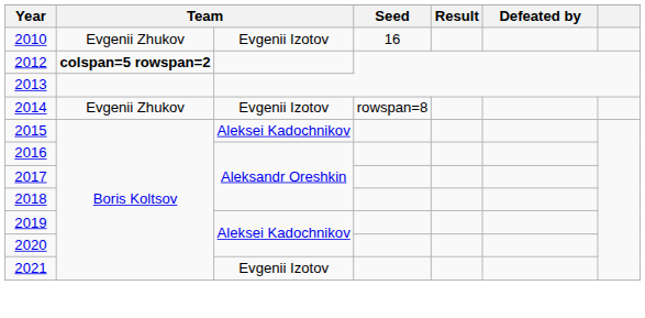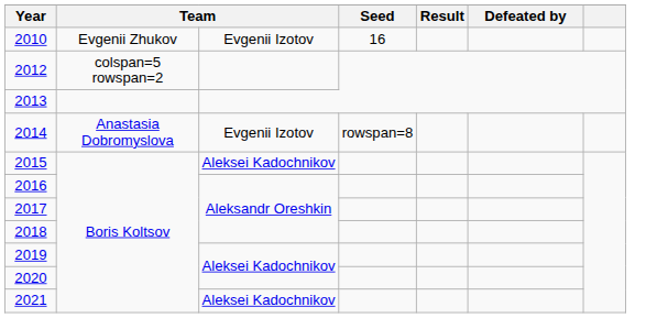 <table class="wikitable" style="text-align: center;">
 <tr style= "background: #e2e2e2;">
 </tr>
 <tr style="background: #efefef;">
 <th width=50px>Year</th>
 <th colspan="2">Team</th>
 <th width=50px>Seed</th>
 <th width=50px>Result</th>
 <th width=120px>Defeated by</th>
 <th width=40px></th>
 </tr>
 <tr>
 <td><a href='#'>2010</a></td>
 <td>Evgenii Zhukov</td>
 <td>Evgenii Izotov</td>
 <td>16</td>
 <td></td>
 <td> </td>
 <td></td>
 </tr>
 <tr>
 <td><a href='#'>2012</a></td>
-<td><strong>colspan=5 rowspan=2</strong></td>
+<td>colspan=5 rowspan=2</td>
 <td></td>
 </tr>
 <tr>
 <td><a href='#'>2013</a></td>
 <td></td>
 </tr>
 <tr>
 <td><a href='#'>2014</a></td>
-<td>Evgenii Zhukov</td>
+<td width=150px><a href='#'>Anastasia Dobromyslova</a></td>
 <td>Evgenii Izotov</td>
 <td>rowspan=8 </td>
 <td></td>
 <td> </td>
 <td></td>
 </tr>
 <tr>
 <td><a href='#'>2015</a></td>
 <td rowspan=7><a href='#'>Boris Koltsov</a></td>
 <td><a href='#'>Aleksei Kadochnikov</a></td>
 <td></td>
 <td> </td>
 <td></td>
 </tr>
 <tr>
 <td><a href='#'>2016</a></td>
 <td rowspan=3><a href='#'>Aleksandr Oreshkin</a></td>
 <td></td>
 <td> </td>
 <td></td>
 </tr>
 <tr>
 <td><a href='#'>2017</a></td>
 <td></td>
 <td> </td>
 <td></td>
 </tr>
 <tr>
 <td><a href='#'>2018</a></td>
 <td></td>
 <td> </td>
 <td></td>
 </tr>
 <tr>
 <td><a href='#'>2019</a></td>
 <td rowspan=2><a href='#'>Aleksei Kadochnikov</a></td>
 <td></td>
 <td> </td>
 <td></td>
 </tr>
 <tr>
 <td><a href='#'>2020</a></td>
 <td></td>
 <td> </td>
 <td></td>
 </tr>
 <tr>
 <td><a href='#'>2021</a></td>
-<td>Evgenii Izotov</td>
+<td><a href='#'>Aleksei Kadochnikov</a></td>
 <td></td>
 <td> </td>
 <td></td>
 </tr>
 </table>
